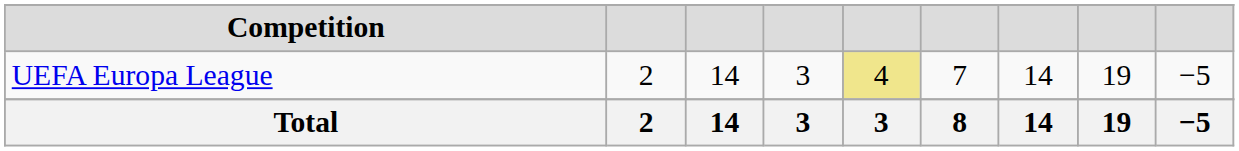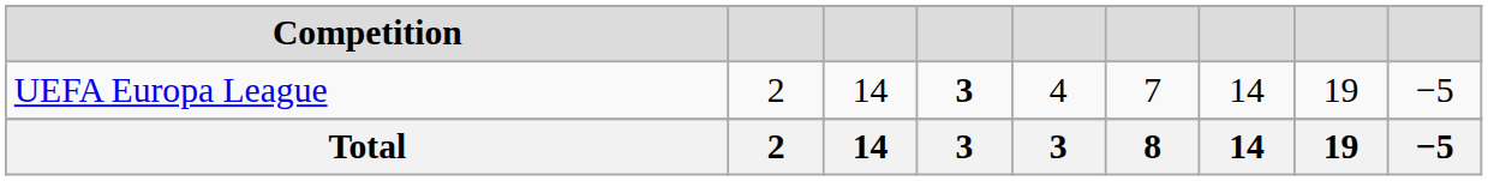 <table class="wikitable" style="text-align: center;">
 <tr>
 </tr>
 <tr>
 </tr>
 <tr>
 <th width="318" style="background:#DCDCDC">Competition</th>
 <th width="35" style="background:#DCDCDC"></th>
 <th width="35" style="background:#DCDCDC"></th>
 <th width="35" style="background:#DCDCDC"></th>
 <th width="35" style="background:#DCDCDC"></th>
 <th width="35" style="background:#DCDCDC"></th>
 <th width="35" style="background:#DCDCDC"></th>
 <th width="35" style="background:#DCDCDC"></th>
 <th width="35" style="background:#DCDCDC"></th>
 </tr>
 <tr>
 <td align=left><a href='#'>UEFA Europa League</a></td>
 <td>2</td>
 <td>14</td>
-<td>3</td>
-<td style="background: khaki;">4</td>
+<td><strong>3</strong></td>
+<td>4</td>
 <td>7</td>
 <td>14</td>
 <td>19</td>
 <td>−5</td>
 </tr>
 <tr>
 </tr>
 <tr class="sortbottom">
 <th>Total</th>
 <th>2</th>
 <th>14</th>
 <th>3</th>
 <th>3</th>
 <th>8</th>
 <th>14</th>
 <th>19</th>
 <th>−5</th>
 </tr>
 </table>
